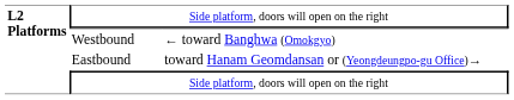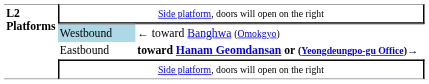 <table table border=0 cellspacing=0 cellpadding=3>
 <tr>
 <td style="border-top:solid 1px gray;border-bottom:solid 1px gray;" width=50 rowspan=10 valign=top><strong>L2<br>Platforms</strong></td>
 <td style="border-top:solid 1px gray;border-right:solid 2px black;border-left:solid 2px black;border-bottom:solid 2px black;text-align:center;" colspan=2><small><a href='#'>Side platform</a>, doors will open on the right</small></td>
 </tr>
 <tr>
-<td style="border-bottom:solid 0px gray;border-top:solid 1px gray;" width=100>Westbound</td>
+<td style="background: lightblue; border-bottom:solid 0px gray;border-top:solid 1px gray;" width=100>Westbound</td>
 <td style="border-bottom:solid 0px gray;border-top:solid 1px gray;" width=390>←  toward <a href='#'>Banghwa</a> <small>(<a href='#'>Omokgyo</a>)</small></td>
 </tr>
 <tr>
 <td>Eastbound</td>
-<td>  toward <a href='#'>Hanam Geomdansan</a> or  <small>(<a href='#'>Yeongdeungpo-gu Office</a>)</small>→</td>
+<td><strong>  toward <a href='#'>Hanam Geomdansan</a> or  <small>(<a href='#'>Yeongdeungpo-gu Office</a>)</small>→</strong></td>
 </tr>
 <tr>
 <td style="border-top:solid 2px black;border-right:solid 2px black;border-left:solid 2px black;border-bottom:solid 1px gray;text-align:center;" colspan=2><small><a href='#'>Side platform</a>, doors will open on the right</small></td>
 </tr>
 </table>
